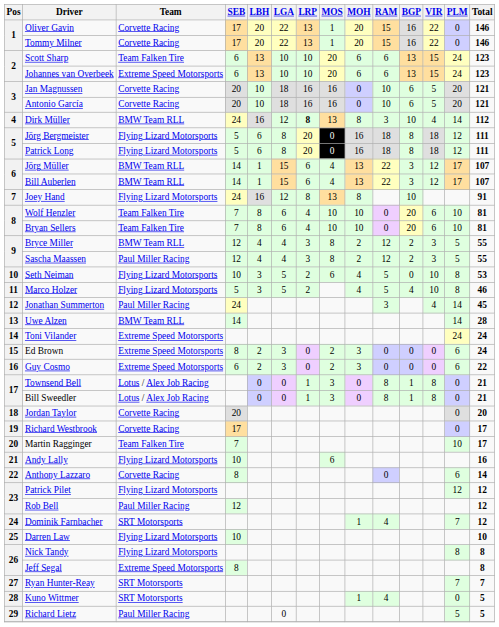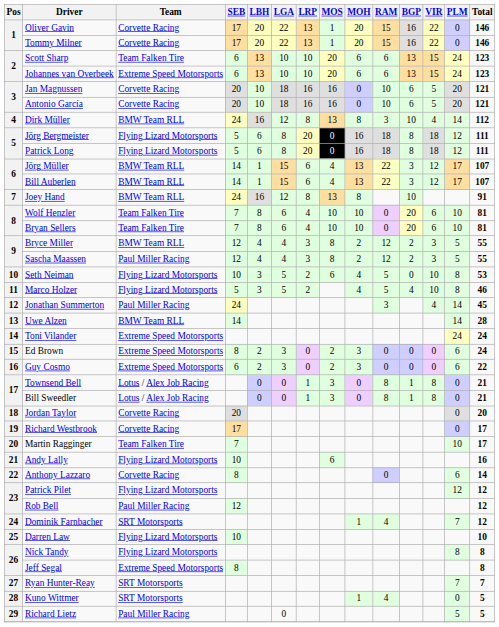 <table class="wikitable" style="font-size: 90%; text-align:center;">
 <tr>
 <th>Pos</th>
 <th>Driver</th>
 <th>Team</th>
 <th><a href='#'>SEB</a></th>
 <th><a href='#'>LBH</a></th>
 <th><a href='#'>LGA</a></th>
 <th><a href='#'>LRP</a></th>
 <th><a href='#'>MOS</a></th>
 <th><a href='#'>MOH</a></th>
 <th><a href='#'>RAM</a></th>
 <th><a href='#'>BGP</a></th>
 <th><a href='#'>VIR</a></th>
 <th><a href='#'>PLM</a></th>
 <th>Total</th>
 </tr>
 <tr>
 <th rowspan=2>1</th>
 <td align=left> <a href='#'>Oliver Gavin</a></td>
 <td align=left> <a href='#'>Corvette Racing</a></td>
 <td style="background:#FFDF9F;”">17</td>
 <td style="background:#FFFFBF;”">20</td>
 <td style="background:#FFFFBF;”">22</td>
 <td style="background:#FFDF9F;”">13</td>
 <td style="background:#DFFFDF;">1</td>
 <td style="background:#FFFFBF;”">20</td>
 <td style="background:#FFDF9F;”">15</td>
 <td style="background:#DFDFDF;”">16</td>
 <td style="background:#FFFFBF;”">22</td>
 <td style="background:#CFCFFF;”">0</td>
 <td><strong>146</strong></td>
 </tr>
 <tr>
 <td align=left> <a href='#'>Tommy Milner</a></td>
 <td align=left> <a href='#'>Corvette Racing</a></td>
 <td style="background:#FFDF9F;”">17</td>
 <td style="background:#FFFFBF;”">20</td>
 <td style="background:#FFFFBF;”">22</td>
 <td style="background:#FFDF9F;”">13</td>
 <td style="background:#DFFFDF;">1</td>
 <td style="background:#FFFFBF;”">20</td>
 <td style="background:#FFDF9F;”">15</td>
 <td style="background:#DFDFDF;”">16</td>
 <td style="background:#FFFFBF;”">22</td>
 <td style="background:#CFCFFF;”">0</td>
 <td><strong>146</strong></td>
 </tr>
 <tr>
 <th rowspan=2>2</th>
 <td align=left> <a href='#'>Scott Sharp</a></td>
 <td align=left> <a href='#'>Team Falken Tire</a></td>
 <td style="background:#DFFFDF;">6</td>
 <td style="background:#FFDF9F;”">13</td>
 <td style="background:#DFFFDF;">10</td>
 <td style="background:#DFFFDF;">10</td>
 <td style="background:#FFFFBF;”">20</td>
 <td style="background:#DFFFDF;">6</td>
 <td style="background:#DFFFDF;">6</td>
 <td style="background:#FFDF9F;”">13</td>
 <td style="background:#FFDF9F;”">15</td>
 <td style="background:#FFFFBF;”">24</td>
 <td><strong>123</strong></td>
 </tr>
 <tr>
 <td align=left> <a href='#'>Johannes van Overbeek</a></td>
 <td align=left> <a href='#'>Extreme Speed Motorsports</a></td>
 <td style="background:#DFFFDF;">6</td>
 <td style="background:#FFDF9F;”">13</td>
 <td style="background:#DFFFDF;">10</td>
 <td style="background:#DFFFDF;">10</td>
 <td style="background:#FFFFBF;”">20</td>
 <td style="background:#DFFFDF;">6</td>
 <td style="background:#DFFFDF;">6</td>
 <td style="background:#FFDF9F;”">13</td>
 <td style="background:#FFDF9F;”">15</td>
 <td style="background:#FFFFBF;”">24</td>
 <td><strong>123</strong></td>
 </tr>
 <tr>
 <th rowspan=2>3</th>
 <td align=left> <a href='#'>Jan Magnussen</a></td>
 <td align=left> <a href='#'>Corvette Racing</a></td>
 <td style="background:#DFDFDF;”">20</td>
 <td style="background:#DFFFDF;">10</td>
 <td style="background:#DFDFDF;”">18</td>
 <td style="background:#DFDFDF;”">16</td>
 <td style="background:#DFDFDF;”">16</td>
 <td style="background:#CFCFFF;”">0</td>
 <td style="background:#DFFFDF;">10</td>
 <td style="background:#DFFFDF;">6</td>
 <td style="background:#DFFFDF;">5</td>
 <td style="background:#DFDFDF;”">20</td>
 <td><strong>121</strong></td>
 </tr>
 <tr>
 <td align=left> <a href='#'>Antonio García</a></td>
 <td align=left> <a href='#'>Corvette Racing</a></td>
 <td style="background:#DFDFDF;”">20</td>
 <td style="background:#DFFFDF;">10</td>
 <td style="background:#DFDFDF;”">18</td>
 <td style="background:#DFDFDF;”">16</td>
 <td style="background:#DFDFDF;”">16</td>
 <td style="background:#CFCFFF;”">0</td>
 <td style="background:#DFFFDF;">10</td>
 <td style="background:#DFFFDF;">6</td>
 <td style="background:#DFFFDF;">5</td>
 <td style="background:#DFDFDF;”">20</td>
 <td><strong>121</strong></td>
 </tr>
 <tr>
 <th>4</th>
 <td align=left> <a href='#'>Dirk Müller</a></td>
 <td align=left> <a href='#'>BMW Team RLL</a></td>
 <td style="background:#FFFFBF;”">24</td>
 <td style="background:#DFDFDF;”">16</td>
 <td style="background:#DFFFDF;">12</td>
-<td style="background:#DFFFDF;"><strong>8</strong></td>
+<td style="background:#DFFFDF;">8</td>
 <td style="background:#FFDF9F;”">13</td>
 <td style="background:#DFFFDF;">8</td>
 <td style="background:#DFFFDF;">3</td>
 <td style="background:#DFFFDF;">10</td>
 <td style="background:#DFFFDF;">4</td>
 <td style="background:#DFFFDF;">14</td>
 <td><strong>112</strong></td>
 </tr>
 <tr>
 <th rowspan=2>5</th>
 <td align=left> <a href='#'>Jörg Bergmeister</a></td>
 <td align=left> <a href='#'>Flying Lizard Motorsports</a></td>
 <td style="background:#DFFFDF;">5</td>
 <td style="background:#DFFFDF;">6</td>
 <td style="background:#DFFFDF;">8</td>
 <td style="background:#FFFFBF;”">20</td>
 <td style="background:#000000;color:white">0</td>
 <td style="background:#DFDFDF;”">16</td>
 <td style="background:#DFDFDF;”">18</td>
 <td style="background:#DFFFDF;">8</td>
 <td style="background:#DFDFDF;”">18</td>
 <td style="background:#DFFFDF;">12</td>
 <td><strong>111</strong></td>
 </tr>
 <tr>
 <td align=left> <a href='#'>Patrick Long</a></td>
 <td align=left> <a href='#'>Flying Lizard Motorsports</a></td>
 <td style="background:#DFFFDF;">5</td>
 <td style="background:#DFFFDF;">6</td>
 <td style="background:#DFFFDF;">8</td>
 <td style="background:#FFFFBF;”">20</td>
 <td style="background:#000000;color:white">0</td>
 <td style="background:#DFDFDF;”">16</td>
 <td style="background:#DFDFDF;”">18</td>
 <td style="background:#DFFFDF;">8</td>
 <td style="background:#DFDFDF;”">18</td>
 <td style="background:#DFFFDF;">12</td>
 <td><strong>111</strong></td>
 </tr>
 <tr>
 <th rowspan=2>6</th>
 <td align=left> <a href='#'>Jörg Müller</a></td>
 <td align=left> <a href='#'>BMW Team RLL</a></td>
 <td style="background:#DFFFDF;">14</td>
 <td style="background:#DFFFDF;">1</td>
 <td style="background:#FFDF9F;”">15</td>
 <td style="background:#DFFFDF;">6</td>
 <td style="background:#DFFFDF;">4</td>
 <td style="background:#FFDF9F;”">13</td>
 <td style="background:#FFFFBF;”">22</td>
 <td style="background:#DFFFDF;">3</td>
 <td style="background:#DFFFDF;">12</td>
 <td style="background:#FFDF9F;”">17</td>
 <td><strong>107</strong></td>
 </tr>
 <tr>
 <td align=left> <a href='#'>Bill Auberlen</a></td>
 <td align=left> <a href='#'>BMW Team RLL</a></td>
 <td style="background:#DFFFDF;">14</td>
 <td style="background:#DFFFDF;">1</td>
 <td style="background:#FFDF9F;”">15</td>
 <td style="background:#DFFFDF;">6</td>
 <td style="background:#DFFFDF;">4</td>
 <td style="background:#FFDF9F;”">13</td>
 <td style="background:#FFFFBF;”">22</td>
 <td style="background:#DFFFDF;">3</td>
 <td style="background:#DFFFDF;">12</td>
 <td style="background:#FFDF9F;”">17</td>
 <td><strong>107</strong></td>
 </tr>
 <tr>
 <th>7</th>
 <td align=left> <a href='#'>Joey Hand</a></td>
-<td align=left> <a href='#'>Flying Lizard Motorsports</a></td>
+<td align=left> <a href='#'>BMW Team RLL</a></td>
 <td style="background:#FFFFBF;”">24</td>
 <td style="background:#DFDFDF;”">16</td>
 <td style="background:#DFFFDF;">12</td>
 <td style="background:#DFFFDF;">8</td>
 <td style="background:#FFDF9F;”">13</td>
 <td style="background:#DFFFDF;">8</td>
 <td></td>
 <td style="background:#DFFFDF;">10</td>
 <td></td>
 <td></td>
 <td><strong>91</strong></td>
 </tr>
 <tr>
 <th rowspan=2>8</th>
 <td align=left> <a href='#'>Wolf Henzler</a></td>
 <td align=left> <a href='#'>Team Falken Tire</a></td>
 <td style="background:#DFFFDF;">7</td>
 <td style="background:#DFFFDF;">8</td>
 <td style="background:#DFFFDF;">6</td>
 <td style="background:#DFFFDF;">4</td>
 <td style="background:#DFFFDF;">10</td>
 <td style="background:#DFFFDF;">10</td>
 <td style="background:#EFCFFF;">0</td>
 <td style="background:#FFFFBF;”">20</td>
 <td style="background:#DFFFDF;">6</td>
 <td style="background:#DFFFDF;">10</td>
 <td><strong>81</strong></td>
 </tr>
 <tr>
 <td align=left> <a href='#'>Bryan Sellers</a></td>
 <td align=left> <a href='#'>Team Falken Tire</a></td>
 <td style="background:#DFFFDF;">7</td>
 <td style="background:#DFFFDF;">8</td>
 <td style="background:#DFFFDF;">6</td>
 <td style="background:#DFFFDF;">4</td>
 <td style="background:#DFFFDF;">10</td>
 <td style="background:#DFFFDF;">10</td>
 <td style="background:#EFCFFF;">0</td>
 <td style="background:#FFFFBF;”">20</td>
 <td style="background:#DFFFDF;">6</td>
 <td style="background:#DFFFDF;">10</td>
 <td><strong>81</strong></td>
 </tr>
 <tr>
 <th rowspan=2>9</th>
 <td align=left> <a href='#'>Bryce Miller</a></td>
 <td align=left> <a href='#'>BMW Team RLL</a></td>
 <td style="background:#DFFFDF;">12</td>
 <td style="background:#DFFFDF;">4</td>
 <td style="background:#DFFFDF;">4</td>
 <td style="background:#DFFFDF;">3</td>
 <td style="background:#DFFFDF;">8</td>
 <td style="background:#DFFFDF;">2</td>
 <td style="background:#DFFFDF;">12</td>
 <td style="background:#DFFFDF;">2</td>
 <td style="background:#DFFFDF;">3</td>
 <td style="background:#DFFFDF;">5</td>
 <td><strong>55</strong></td>
 </tr>
 <tr>
 <td align=left> <a href='#'>Sascha Maassen</a></td>
 <td align=left> <a href='#'>Paul Miller Racing</a></td>
 <td style="background:#DFFFDF;">12</td>
 <td style="background:#DFFFDF;">4</td>
 <td style="background:#DFFFDF;">4</td>
 <td style="background:#DFFFDF;">3</td>
 <td style="background:#DFFFDF;">8</td>
 <td style="background:#DFFFDF;">2</td>
 <td style="background:#DFFFDF;">12</td>
 <td style="background:#DFFFDF;">2</td>
 <td style="background:#DFFFDF;">3</td>
 <td style="background:#DFFFDF;">5</td>
 <td><strong>55</strong></td>
 </tr>
 <tr>
 <th>10</th>
 <td align=left> <a href='#'>Seth Neiman</a></td>
 <td align=left> <a href='#'>Flying Lizard Motorsports</a></td>
 <td style="background:#DFFFDF;">10</td>
 <td style="background:#DFFFDF;">3</td>
 <td style="background:#DFFFDF;">5</td>
 <td style="background:#DFFFDF;">2</td>
 <td style="background:#DFFFDF;">6</td>
 <td style="background:#DFFFDF;">4</td>
 <td style="background:#DFFFDF;">5</td>
 <td style="background:#DFFFDF;">0</td>
 <td style="background:#DFFFDF;">10</td>
 <td style="background:#DFFFDF;">8</td>
 <td><strong>53</strong></td>
 </tr>
 <tr>
 <th>11</th>
 <td align=left> <a href='#'>Marco Holzer</a></td>
 <td align=left> <a href='#'>Flying Lizard Motorsports</a></td>
 <td style="background:#DFFFDF;">5</td>
 <td style="background:#DFFFDF;">3</td>
 <td style="background:#DFFFDF;">5</td>
 <td style="background:#DFFFDF;">2</td>
 <td></td>
 <td style="background:#DFFFDF;">4</td>
 <td style="background:#DFFFDF;">5</td>
 <td style="background:#DFFFDF;">4</td>
 <td style="background:#DFFFDF;">10</td>
 <td style="background:#DFFFDF;">8</td>
 <td><strong>46</strong></td>
 </tr>
 <tr>
 <th>12</th>
 <td align=left> <a href='#'>Jonathan Summerton</a></td>
 <td align=left> <a href='#'>Paul Miller Racing</a></td>
 <td style="background:#FFFFBF;”">24</td>
 <td></td>
 <td></td>
 <td></td>
 <td></td>
 <td></td>
 <td style="background:#DFFFDF;">3</td>
 <td></td>
 <td style="background:#DFFFDF;">4</td>
 <td style="background:#DFFFDF;">14</td>
 <td><strong>45</strong></td>
 </tr>
 <tr>
 <th>13</th>
 <td align=left> <a href='#'>Uwe Alzen</a></td>
 <td align=left> <a href='#'>BMW Team RLL</a></td>
 <td style="background:#DFFFDF;">14</td>
 <td></td>
 <td></td>
 <td></td>
 <td></td>
 <td></td>
 <td></td>
 <td></td>
 <td></td>
 <td style="background:#DFFFDF;">14</td>
 <td><strong>28</strong></td>
 </tr>
 <tr>
 <th>14</th>
 <td align=left> <a href='#'>Toni Vilander</a></td>
 <td align=left> <a href='#'>Extreme Speed Motorsports</a></td>
 <td></td>
 <td></td>
 <td></td>
 <td></td>
 <td></td>
 <td></td>
 <td></td>
 <td></td>
 <td></td>
 <td style="background:#FFFFBF;”">24</td>
 <td><strong>24</strong></td>
 </tr>
 <tr>
 <th>15</th>
 <td align=left> Ed Brown</td>
 <td align=left> <a href='#'>Extreme Speed Motorsports</a></td>
 <td style="background:#DFFFDF;">8</td>
 <td style="background:#DFFFDF;">2</td>
 <td style="background:#DFFFDF;">3</td>
 <td style="background:#EFCFFF;">0</td>
 <td style="background:#DFFFDF;">2</td>
 <td style="background:#DFFFDF;">3</td>
 <td style="background:#CFCFFF;”">0</td>
 <td style="background:#CFCFFF;”">0</td>
 <td style="background:#EFCFFF;">0</td>
 <td style="background:#DFFFDF;">6</td>
 <td><strong>24</strong></td>
 </tr>
 <tr>
 <th>16</th>
 <td align=left> <a href='#'>Guy Cosmo</a></td>
 <td align=left> <a href='#'>Extreme Speed Motorsports</a></td>
 <td style="background:#DFFFDF;">6</td>
 <td style="background:#DFFFDF;">2</td>
 <td style="background:#DFFFDF;">3</td>
 <td style="background:#EFCFFF;">0</td>
 <td style="background:#DFFFDF;">2</td>
 <td style="background:#DFFFDF;">3</td>
 <td style="background:#CFCFFF;”">0</td>
 <td style="background:#CFCFFF;”">0</td>
 <td style="background:#EFCFFF;">0</td>
 <td style="background:#DFFFDF;">6</td>
 <td><strong>22</strong></td>
 </tr>
 <tr>
 <th rowspan=2>17</th>
 <td align=left> <a href='#'>Townsend Bell</a></td>
 <td align=left> <a href='#'>Lotus</a> / <a href='#'>Alex Job Racing</a></td>
 <td></td>
 <td style="background:#CFCFFF;”">0</td>
 <td style="background:#EFCFFF;">0</td>
 <td style="background:#DFFFDF;">1</td>
 <td style="background:#DFFFDF;">3</td>
 <td style="background:#EFCFFF;">0</td>
 <td style="background:#DFFFDF;">8</td>
 <td style="background:#DFFFDF;">1</td>
 <td style="background:#DFFFDF;">8</td>
 <td style="background:#CFCFFF;”">0</td>
 <td><strong>21</strong></td>
 </tr>
 <tr>
 <td align=left> Bill Sweedler</td>
 <td align=left> <a href='#'>Lotus</a> / <a href='#'>Alex Job Racing</a></td>
 <td></td>
 <td style="background:#CFCFFF;”">0</td>
 <td style="background:#EFCFFF;">0</td>
 <td style="background:#DFFFDF;">1</td>
 <td style="background:#DFFFDF;">3</td>
 <td style="background:#EFCFFF;">0</td>
 <td style="background:#DFFFDF;">8</td>
 <td style="background:#DFFFDF;">1</td>
 <td style="background:#DFFFDF;">8</td>
 <td style="background:#CFCFFF;”">0</td>
 <td><strong>21</strong></td>
 </tr>
 <tr>
 <th>18</th>
 <td align=left> <a href='#'>Jordan Taylor</a></td>
 <td align=left> <a href='#'>Corvette Racing</a></td>
 <td style="background:#DFDFDF;”">20</td>
 <td></td>
 <td></td>
 <td></td>
 <td></td>
 <td></td>
 <td></td>
 <td></td>
 <td></td>
 <td style="background:#DFDFDF;”">0</td>
 <td><strong>20</strong></td>
 </tr>
 <tr>
 <th>19</th>
 <td align=left> <a href='#'>Richard Westbrook</a></td>
 <td align=left> <a href='#'>Corvette Racing</a></td>
 <td style="background:#FFDF9F;”">17</td>
 <td></td>
 <td></td>
 <td></td>
 <td></td>
 <td></td>
 <td></td>
 <td></td>
 <td></td>
 <td style="background:#CFCFFF;”">0</td>
 <td><strong>17</strong></td>
 </tr>
 <tr>
 <th>20</th>
 <td align=left> Martin Ragginger</td>
 <td align=left> <a href='#'>Team Falken Tire</a></td>
 <td style="background:#DFFFDF;">7</td>
 <td></td>
 <td></td>
 <td></td>
 <td></td>
 <td></td>
 <td></td>
 <td></td>
 <td></td>
 <td style="background:#DFFFDF;">10</td>
 <td><strong>17</strong></td>
 </tr>
 <tr>
 <th>21</th>
 <td align=left> <a href='#'>Andy Lally</a></td>
 <td align=left> <a href='#'>Flying Lizard Motorsports</a></td>
 <td style="background:#DFFFDF;">10</td>
 <td></td>
 <td></td>
 <td></td>
 <td style="background:#DFFFDF;">6</td>
 <td></td>
 <td></td>
 <td></td>
 <td></td>
 <td></td>
 <td><strong>16</strong></td>
 </tr>
 <tr>
 <th>22</th>
 <td align=left> <a href='#'>Anthony Lazzaro</a></td>
 <td align=left> <a href='#'>Corvette Racing</a></td>
 <td style="background:#DFFFDF;">8</td>
 <td></td>
 <td></td>
 <td></td>
 <td></td>
 <td></td>
 <td style="background:#CFCFFF;”">0</td>
 <td></td>
 <td></td>
 <td style="background:#DFFFDF;">6</td>
 <td><strong>14</strong></td>
 </tr>
 <tr>
 <th rowspan=2>23</th>
 <td align=left> <a href='#'>Patrick Pilet</a></td>
 <td align=left> <a href='#'>Flying Lizard Motorsports</a></td>
 <td></td>
 <td></td>
 <td></td>
 <td></td>
 <td></td>
 <td></td>
 <td></td>
 <td></td>
 <td></td>
 <td style="background:#DFFFDF;">12</td>
 <td><strong>12</strong></td>
 </tr>
 <tr>
 <td align=left> <a href='#'>Rob Bell</a></td>
 <td align=left> <a href='#'>Paul Miller Racing</a></td>
 <td style="background:#DFFFDF;">12</td>
 <td></td>
 <td></td>
 <td></td>
 <td></td>
 <td></td>
 <td></td>
 <td></td>
 <td></td>
 <td></td>
 <td><strong>12</strong></td>
 </tr>
 <tr>
 <th>24</th>
 <td align=left> <a href='#'>Dominik Farnbacher</a></td>
 <td align=left> <a href='#'>SRT Motorsports</a></td>
 <td></td>
 <td></td>
 <td></td>
 <td></td>
 <td></td>
 <td style="background:#DFFFDF;">1</td>
 <td style="background:#DFFFDF;">4</td>
 <td></td>
 <td></td>
 <td style="background:#DFFFDF;">7</td>
 <td><strong>12</strong></td>
 </tr>
 <tr>
 <th>25</th>
 <td align=left> <a href='#'>Darren Law</a></td>
 <td align=left> <a href='#'>Flying Lizard Motorsports</a></td>
 <td style="background:#DFFFDF;">10</td>
 <td></td>
 <td></td>
 <td></td>
 <td></td>
 <td></td>
 <td></td>
 <td></td>
 <td></td>
 <td></td>
 <td><strong>10</strong></td>
 </tr>
 <tr>
 <th rowspan=2>26</th>
 <td align=left> <a href='#'>Nick Tandy</a></td>
 <td align=left> <a href='#'>Flying Lizard Motorsports</a></td>
 <td></td>
 <td></td>
 <td></td>
 <td></td>
 <td></td>
 <td></td>
 <td></td>
 <td></td>
 <td></td>
 <td style="background:#DFFFDF;">8</td>
 <td><strong>8</strong></td>
 </tr>
 <tr>
 <td align=left> <a href='#'>Jeff Segal</a></td>
 <td align=left> <a href='#'>Extreme Speed Motorsports</a></td>
 <td style="background:#DFFFDF;">8</td>
 <td></td>
 <td></td>
 <td></td>
 <td></td>
 <td></td>
 <td></td>
 <td></td>
 <td></td>
 <td></td>
 <td><strong>8</strong></td>
 </tr>
 <tr>
 <th>27</th>
 <td align=left> <a href='#'>Ryan Hunter-Reay</a></td>
 <td align=left> <a href='#'>SRT Motorsports</a></td>
 <td></td>
 <td></td>
 <td></td>
 <td></td>
 <td></td>
 <td></td>
 <td></td>
 <td></td>
 <td></td>
 <td style="background:#DFFFDF;">7</td>
 <td><strong>7</strong></td>
 </tr>
 <tr>
 <th>28</th>
 <td align=left> <a href='#'>Kuno Wittmer</a></td>
 <td align=left> <a href='#'>SRT Motorsports</a></td>
 <td></td>
 <td></td>
 <td></td>
 <td></td>
 <td></td>
 <td style="background:#DFFFDF;">1</td>
 <td style="background:#DFFFDF;">4</td>
 <td></td>
 <td></td>
 <td style="background:#DFFFDF;">0</td>
 <td><strong>5</strong></td>
 </tr>
 <tr>
 <th>29</th>
 <td align=left> <a href='#'>Richard Lietz</a></td>
 <td align=left> <a href='#'>Paul Miller Racing</a></td>
 <td></td>
 <td></td>
 <td>0</td>
 <td></td>
 <td></td>
 <td></td>
 <td></td>
 <td></td>
 <td></td>
 <td style="background:#DFFFDF;">5</td>
 <td><strong>5</strong></td>
 </tr>
 <tr>
 </tr>
 </table>
